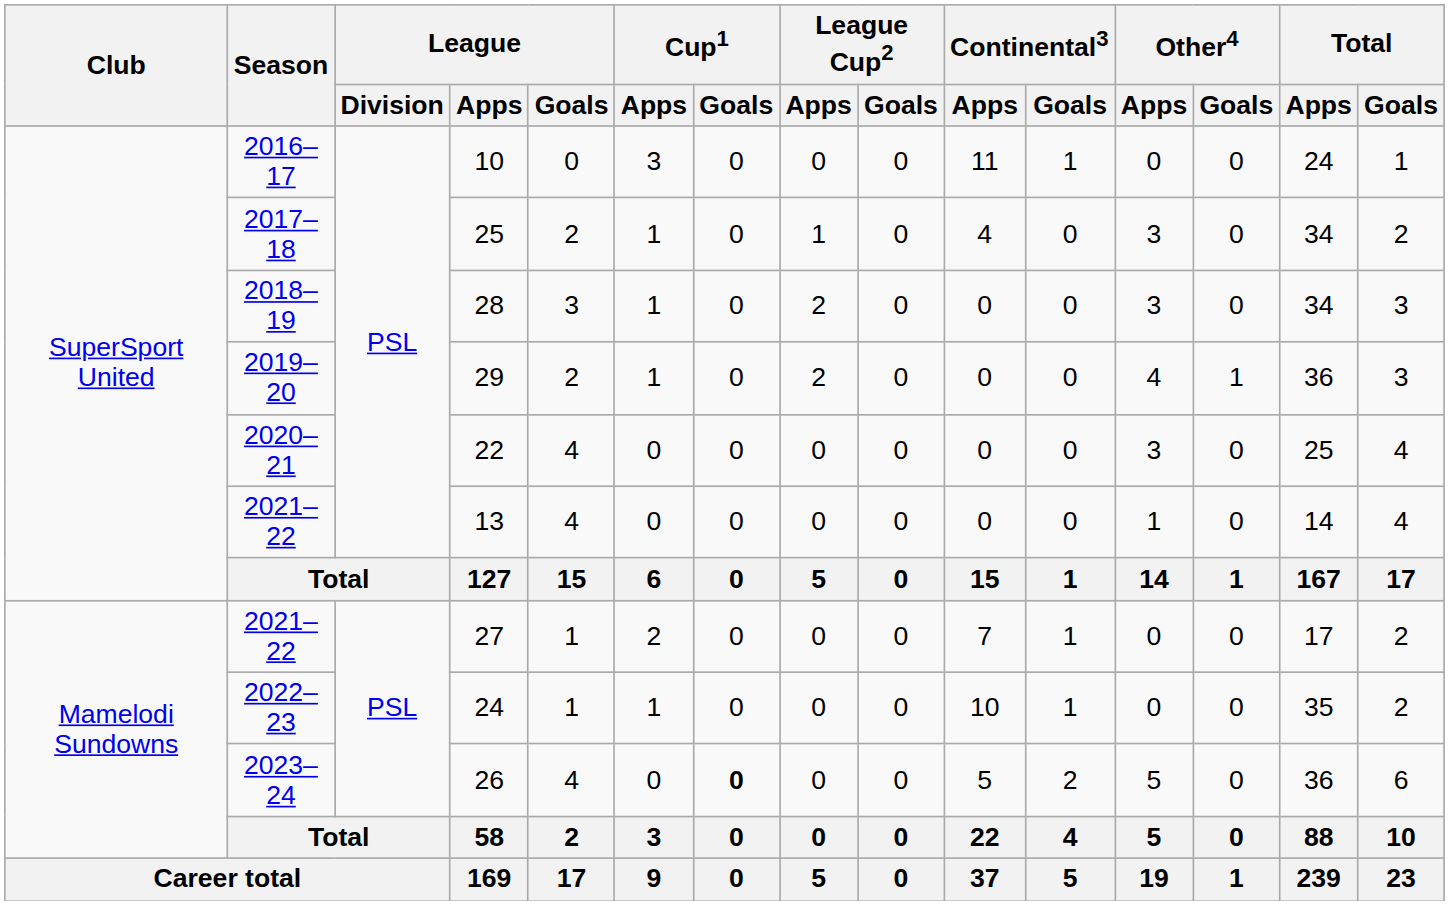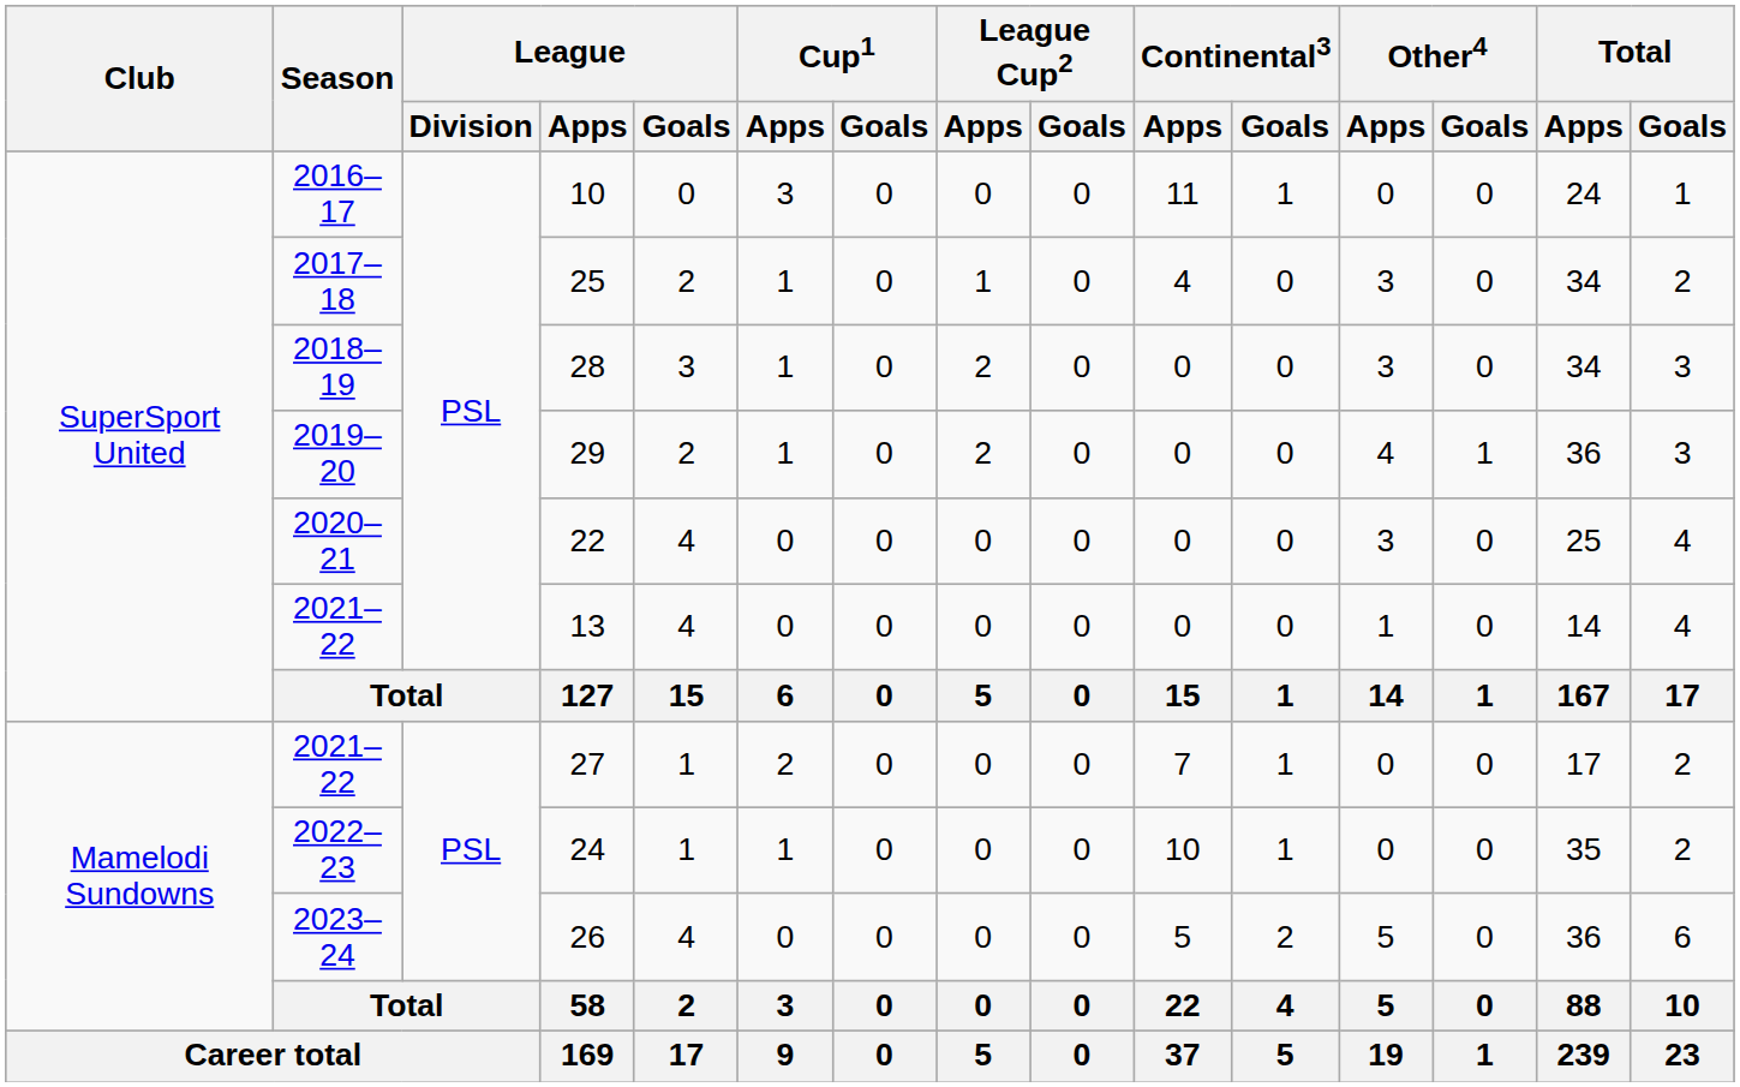 <table class="wikitable" style="text-align: center;">
 <tr>
 <th rowspan=2 style="width: 100pt;">Club</th>
 <th rowspan=2>Season</th>
 <th colspan=3>League</th>
 <th colspan="2">Cup<sup>1</sup></th>
 <th colspan="2">League Cup<sup>2</sup></th>
 <th colspan="2">Continental<sup>3</sup></th>
 <th colspan=2>Other<sup>4</sup></th>
 <th colspan=2>Total</th>
 </tr>
 <tr>
 <th>Division</th>
 <th>Apps</th>
 <th>Goals</th>
 <th>Apps</th>
 <th>Goals</th>
 <th>Apps</th>
 <th>Goals</th>
 <th>Apps</th>
 <th>Goals</th>
 <th>Apps</th>
 <th>Goals</th>
 <th>Apps</th>
 <th>Goals</th>
 </tr>
 <tr>
 <td rowspan="7"><a href='#'>SuperSport United</a></td>
 <td><a href='#'>2016–17</a></td>
 <td rowspan="6"><a href='#'>PSL</a></td>
 <td>10</td>
 <td>0</td>
 <td>3</td>
 <td>0</td>
 <td>0</td>
 <td>0</td>
 <td>11</td>
 <td>1</td>
 <td>0</td>
 <td>0</td>
 <td>24</td>
 <td>1</td>
 </tr>
 <tr>
 <td><a href='#'>2017–18</a></td>
 <td>25</td>
 <td>2</td>
 <td>1</td>
 <td>0</td>
 <td>1</td>
 <td>0</td>
 <td>4</td>
 <td>0</td>
 <td>3</td>
 <td>0</td>
 <td>34</td>
 <td>2</td>
 </tr>
 <tr>
 <td><a href='#'>2018–19</a></td>
 <td>28</td>
 <td>3</td>
 <td>1</td>
 <td>0</td>
 <td>2</td>
 <td>0</td>
 <td>0</td>
 <td>0</td>
 <td>3</td>
 <td>0</td>
 <td>34</td>
 <td>3</td>
 </tr>
 <tr>
 <td><a href='#'>2019–20</a></td>
 <td>29</td>
 <td>2</td>
 <td>1</td>
 <td>0</td>
 <td>2</td>
 <td>0</td>
 <td>0</td>
 <td>0</td>
 <td>4</td>
 <td>1</td>
 <td>36</td>
 <td>3</td>
 </tr>
 <tr>
 <td><a href='#'>2020–21</a></td>
 <td>22</td>
 <td>4</td>
 <td>0</td>
 <td>0</td>
 <td>0</td>
 <td>0</td>
 <td>0</td>
 <td>0</td>
 <td>3</td>
 <td>0</td>
 <td>25</td>
 <td>4</td>
 </tr>
 <tr>
 <td><a href='#'>2021–22</a></td>
 <td>13</td>
 <td>4</td>
 <td>0</td>
 <td>0</td>
 <td>0</td>
 <td>0</td>
 <td>0</td>
 <td>0</td>
 <td>1</td>
 <td>0</td>
 <td>14</td>
 <td>4</td>
 </tr>
 <tr>
 <th colspan="2">Total</th>
 <th>127</th>
 <th>15</th>
 <th>6</th>
 <th>0</th>
 <th>5</th>
 <th>0</th>
 <th>15</th>
 <th>1</th>
 <th>14</th>
 <th>1</th>
 <th>167</th>
 <th>17</th>
 </tr>
 <tr>
 <td rowspan="4"><a href='#'>Mamelodi Sundowns</a></td>
 <td><a href='#'>2021–22</a></td>
 <td rowspan="3"><a href='#'>PSL</a></td>
 <td>27</td>
 <td>1</td>
 <td>2</td>
 <td>0</td>
 <td>0</td>
 <td>0</td>
 <td>7</td>
 <td>1</td>
 <td>0</td>
 <td>0</td>
 <td>17</td>
 <td>2</td>
 </tr>
 <tr>
 <td><a href='#'>2022–23</a></td>
 <td>24</td>
 <td>1</td>
 <td>1</td>
 <td>0</td>
 <td>0</td>
 <td>0</td>
 <td>10</td>
 <td>1</td>
 <td>0</td>
 <td>0</td>
 <td>35</td>
 <td>2</td>
 </tr>
 <tr>
 <td><a href='#'>2023–24</a></td>
 <td>26</td>
 <td>4</td>
 <td>0</td>
-<td><strong>0</strong></td>
+<td>0</td>
 <td>0</td>
 <td>0</td>
 <td>5</td>
 <td>2</td>
 <td>5</td>
 <td>0</td>
 <td>36</td>
 <td>6</td>
 </tr>
 <tr>
 <th colspan="2">Total</th>
 <th>58</th>
 <th>2</th>
 <th>3</th>
 <th>0</th>
 <th>0</th>
 <th>0</th>
 <th>22</th>
 <th>4</th>
 <th>5</th>
 <th>0</th>
 <th>88</th>
 <th>10</th>
 </tr>
 <tr>
 <th colspan="3">Career total</th>
 <th>169</th>
 <th>17</th>
 <th>9</th>
 <th>0</th>
 <th>5</th>
 <th>0</th>
 <th>37</th>
 <th>5</th>
 <th>19</th>
 <th>1</th>
 <th>239</th>
 <th>23</th>
 </tr>
 </table>
